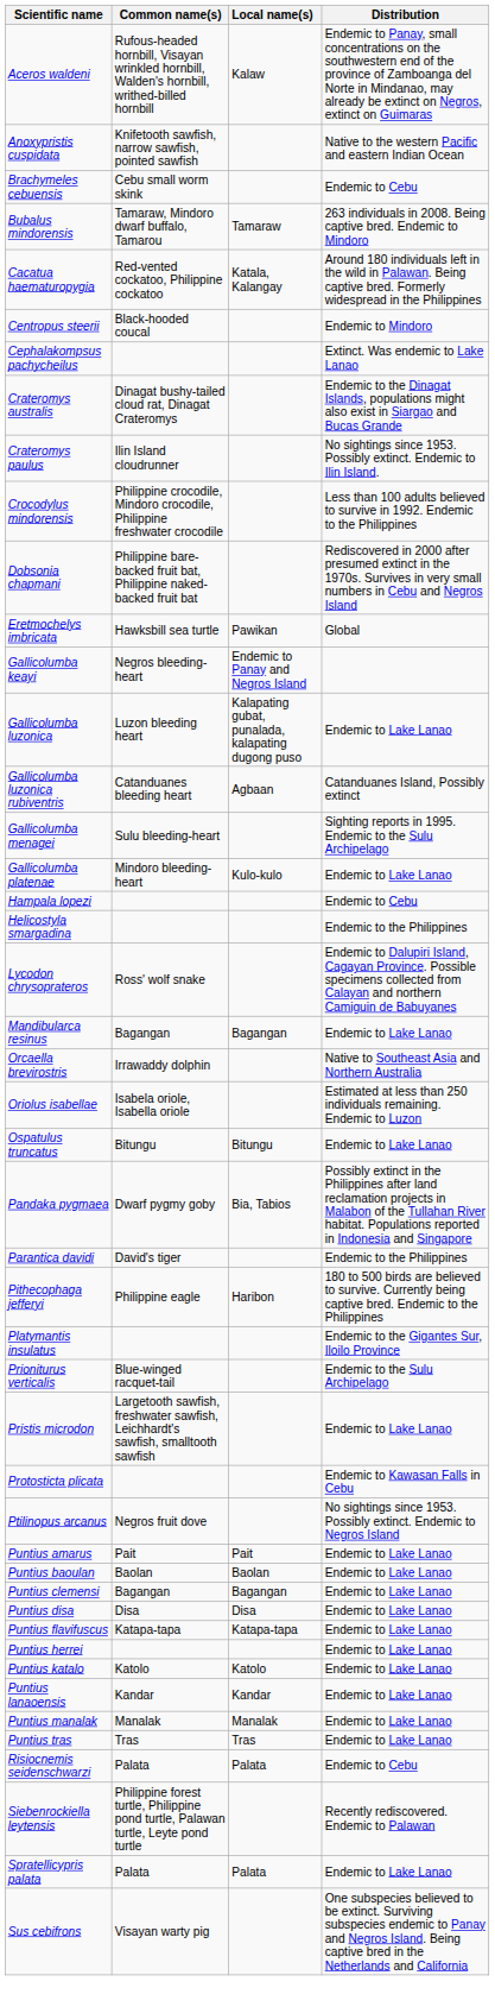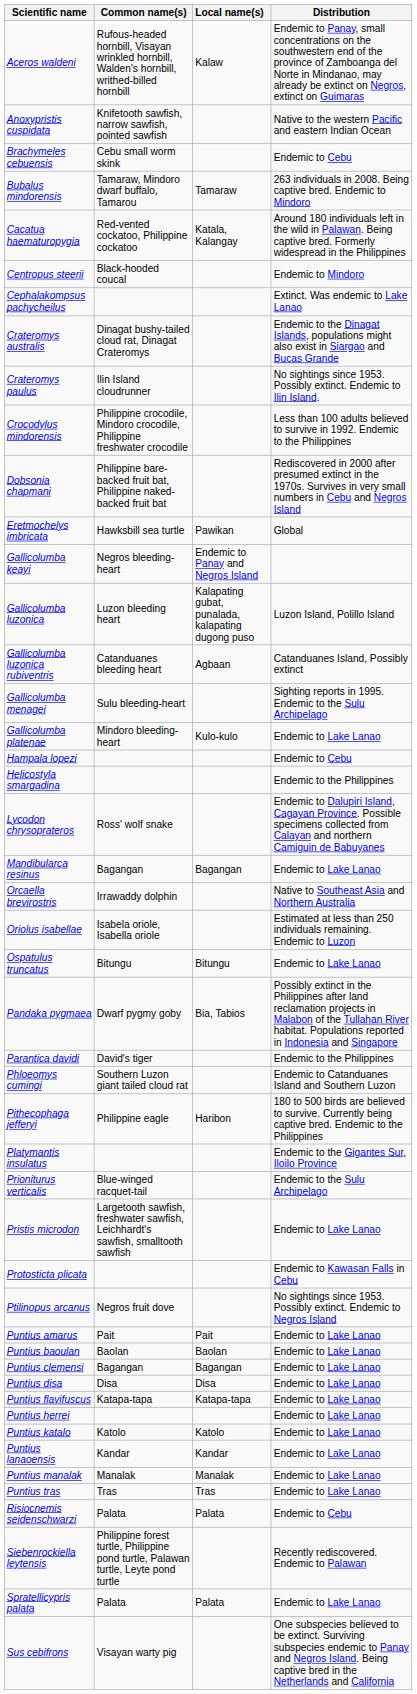 <table class="wikitable sortable" style="font-size: 95%; text-align: left">
 <tr>
 <th>Scientific name</th>
 <th style="Common name">Common name(s)</th>
 <th style="text-align: left;" width="110">Local name(s)</th>
 <th style="Distibution">Distribution</th>
 </tr>
 <tr>
 <td><em><a href='#'>Aceros waldeni</a></em></td>
 <td>Rufous-headed hornbill, Visayan wrinkled hornbill, Walden's hornbill, writhed-billed hornbill</td>
 <td>Kalaw</td>
 <td>Endemic to <a href='#'>Panay</a>, small concentrations on the southwestern end of the province of Zamboanga del Norte in Mindanao, may already be extinct on <a href='#'>Negros</a>, extinct on <a href='#'>Guimaras</a></td>
 </tr>
 <tr>
 <td><em><a href='#'>Anoxypristis cuspidata</a></em></td>
 <td>Knifetooth sawfish, narrow sawfish, pointed sawfish</td>
 <td></td>
 <td>Native to the western <a href='#'>Pacific</a> and eastern Indian Ocean</td>
 </tr>
 <tr>
 <td><em><a href='#'>Brachymeles cebuensis</a></em></td>
 <td>Cebu small worm skink</td>
 <td></td>
 <td>Endemic to <a href='#'>Cebu</a></td>
 </tr>
 <tr>
 <td><em><a href='#'>Bubalus mindorensis</a></em></td>
 <td>Tamaraw, Mindoro dwarf buffalo, Tamarou</td>
 <td>Tamaraw</td>
 <td>263 individuals in 2008. Being captive bred. Endemic to <a href='#'>Mindoro</a></td>
 </tr>
 <tr>
 <td><em><a href='#'>Cacatua haematuropygia</a></em></td>
 <td>Red-vented cockatoo, Philippine cockatoo</td>
 <td>Katala, Kalangay</td>
 <td>Around 180 individuals left in the wild in <a href='#'>Palawan</a>. Being captive bred. Formerly widespread in the Philippines</td>
 </tr>
 <tr>
 <td><em><a href='#'>Centropus steerii</a></em></td>
 <td>Black-hooded coucal</td>
 <td></td>
 <td>Endemic to <a href='#'>Mindoro</a></td>
 </tr>
 <tr>
 <td><em><a href='#'>Cephalakompsus pachycheilus</a></em></td>
 <td></td>
 <td></td>
 <td>Extinct. Was endemic to <a href='#'>Lake Lanao</a></td>
 </tr>
 <tr>
 <td><em><a href='#'>Crateromys australis</a></em></td>
 <td>Dinagat bushy-tailed cloud rat, Dinagat Crateromys</td>
 <td></td>
 <td>Endemic to the <a href='#'>Dinagat Islands</a>, populations might also exist in <a href='#'>Siargao</a> and <a href='#'>Bucas Grande</a></td>
 </tr>
 <tr>
 <td><em><a href='#'>Crateromys paulus</a></em></td>
 <td>Ilin Island cloudrunner</td>
 <td></td>
 <td>No sightings since 1953. Possibly extinct. Endemic to <a href='#'>Ilin Island</a>.</td>
 </tr>
 <tr>
 <td><em><a href='#'>Crocodylus mindorensis</a></em></td>
 <td>Philippine crocodile, Mindoro crocodile, Philippine freshwater crocodile</td>
 <td></td>
 <td>Less than 100 adults believed to survive in 1992. Endemic to the Philippines</td>
 </tr>
 <tr>
 <td><em><a href='#'>Dobsonia chapmani</a></em></td>
 <td>Philippine bare-backed fruit bat, Philippine naked-backed fruit bat</td>
 <td></td>
 <td>Rediscovered in 2000 after presumed extinct in the 1970s. Survives in very small numbers in <a href='#'>Cebu</a> and <a href='#'>Negros Island</a></td>
 </tr>
 <tr>
 <td><em><a href='#'>Eretmochelys imbricata</a></em></td>
 <td>Hawksbill sea turtle</td>
 <td>Pawikan</td>
 <td>Global</td>
 </tr>
 <tr>
 <td><em><a href='#'>Gallicolumba keayi</a></em></td>
 <td>Negros bleeding-heart</td>
 <td>Endemic to <a href='#'>Panay</a> and <a href='#'>Negros Island</a></td>
 </tr>
 <tr>
 <td><em><a href='#'>Gallicolumba luzonica</a></em></td>
 <td>Luzon bleeding heart</td>
 <td>Kalapating gubat, punalada, kalapating dugong puso</td>
-<td>Endemic to <a href='#'>Lake Lanao</a></td>
+<td>Luzon Island, Polillo Island</td>
 </tr>
 <tr>
 <td><em><a href='#'>Gallicolumba luzonica rubiventris</a></em></td>
 <td>Catanduanes bleeding heart</td>
 <td>Agbaan</td>
 <td>Catanduanes Island, Possibly extinct</td>
 </tr>
 <tr>
 <td><em><a href='#'>Gallicolumba menagei</a></em></td>
 <td>Sulu bleeding-heart</td>
 <td></td>
 <td>Sighting reports in 1995. Endemic to the <a href='#'>Sulu Archipelago</a></td>
 </tr>
 <tr>
 <td><em><a href='#'>Gallicolumba platenae</a></em></td>
 <td>Mindoro bleeding-heart</td>
 <td>Kulo-kulo</td>
 <td>Endemic to <a href='#'>Lake Lanao</a></td>
 </tr>
 <tr>
 <td><em><a href='#'>Hampala lopezi</a></em></td>
 <td></td>
 <td></td>
 <td>Endemic to <a href='#'>Cebu</a></td>
 </tr>
 <tr>
 <td><em><a href='#'>Helicostyla smargadina</a></em></td>
 <td></td>
 <td></td>
 <td>Endemic to the Philippines</td>
 </tr>
 <tr>
 <td><em><a href='#'>Lycodon chrysoprateros</a></em></td>
 <td>Ross' wolf snake</td>
 <td></td>
 <td>Endemic to <a href='#'>Dalupiri Island</a>, <a href='#'>Cagayan Province</a>. Possible specimens collected from <a href='#'>Calayan</a> and northern <a href='#'>Camiguin de Babuyanes</a></td>
 </tr>
 <tr>
 <td><em><a href='#'>Mandibularca resinus</a></em></td>
 <td>Bagangan</td>
 <td>Bagangan</td>
 <td>Endemic to <a href='#'>Lake Lanao</a></td>
 </tr>
 <tr>
 <td><em><a href='#'>Orcaella brevirostris</a></em></td>
 <td>Irrawaddy dolphin</td>
 <td></td>
 <td>Native to <a href='#'>Southeast Asia</a> and <a href='#'>Northern Australia</a></td>
 </tr>
 <tr>
 <td><em><a href='#'>Oriolus isabellae</a></em></td>
 <td>Isabela oriole, Isabella oriole</td>
 <td></td>
 <td>Estimated at less than 250 individuals remaining. Endemic to <a href='#'>Luzon</a></td>
 </tr>
 <tr>
 <td><em><a href='#'>Ospatulus truncatus</a></em></td>
 <td>Bitungu</td>
 <td>Bitungu</td>
 <td>Endemic to <a href='#'>Lake Lanao</a></td>
 </tr>
 <tr>
 <td><em><a href='#'>Pandaka pygmaea</a></em></td>
 <td>Dwarf pygmy goby</td>
 <td>Bia, Tabios</td>
 <td>Possibly extinct in the Philippines after land reclamation projects in <a href='#'>Malabon</a> of the <a href='#'>Tullahan River</a> habitat. Populations reported in <a href='#'>Indonesia</a> and <a href='#'>Singapore</a></td>
 </tr>
 <tr>
 <td><em><a href='#'>Parantica davidi</a></em></td>
 <td>David's tiger</td>
 <td></td>
 <td>Endemic to the Philippines</td>
+</tr>
+<tr>
+<td><em><a href='#'>Phloeomys cumingi</a></em></td>
+<td>Southern Luzon giant tailed cloud rat</td>
+<td></td>
+<td>Endemic to Catanduanes Island and Southern Luzon</td>
 </tr>
 <tr>
 <td><em><a href='#'>Pithecophaga jefferyi</a></em></td>
 <td>Philippine eagle</td>
 <td>Haribon</td>
 <td>180 to 500 birds are believed to survive. Currently being captive bred. Endemic to the Philippines</td>
 </tr>
 <tr>
 <td><em><a href='#'>Platymantis insulatus</a></em></td>
 <td></td>
 <td></td>
 <td>Endemic to the <a href='#'>Gigantes Sur</a>, <a href='#'>Iloilo Province</a></td>
 </tr>
 <tr>
 <td><em><a href='#'>Prioniturus verticalis</a></em></td>
 <td>Blue-winged racquet-tail</td>
 <td></td>
 <td>Endemic to the <a href='#'>Sulu Archipelago</a></td>
 </tr>
 <tr>
 <td><em><a href='#'>Pristis microdon</a></em></td>
 <td>Largetooth sawfish, freshwater sawfish, Leichhardt's sawfish, smalltooth sawfish</td>
 <td></td>
 <td>Endemic to <a href='#'>Lake Lanao</a></td>
 </tr>
 <tr>
 <td><em><a href='#'>Protosticta plicata</a></em></td>
 <td></td>
 <td></td>
 <td>Endemic to <a href='#'>Kawasan Falls</a> in <a href='#'>Cebu</a></td>
 </tr>
 <tr>
 <td><em><a href='#'>Ptilinopus arcanus</a></em></td>
 <td>Negros fruit dove</td>
 <td></td>
 <td>No sightings since 1953. Possibly extinct. Endemic to <a href='#'>Negros Island</a></td>
 </tr>
 <tr>
 <td><em><a href='#'>Puntius amarus</a></em></td>
 <td>Pait</td>
 <td>Pait</td>
 <td>Endemic to <a href='#'>Lake Lanao</a></td>
 </tr>
 <tr>
 <td><em><a href='#'>Puntius baoulan</a></em></td>
 <td>Baolan</td>
 <td>Baolan</td>
 <td>Endemic to <a href='#'>Lake Lanao</a></td>
 </tr>
 <tr>
 <td><em><a href='#'>Puntius clemensi</a></em></td>
 <td>Bagangan</td>
 <td>Bagangan</td>
 <td>Endemic to <a href='#'>Lake Lanao</a></td>
 </tr>
 <tr>
 <td><em><a href='#'>Puntius disa</a></em></td>
 <td>Disa</td>
 <td>Disa</td>
 <td>Endemic to <a href='#'>Lake Lanao</a></td>
 </tr>
 <tr>
 <td><em><a href='#'>Puntius flavifuscus</a></em></td>
 <td>Katapa-tapa</td>
 <td>Katapa-tapa</td>
 <td>Endemic to <a href='#'>Lake Lanao</a></td>
 </tr>
 <tr>
 <td><em><a href='#'>Puntius herrei</a></em></td>
 <td></td>
 <td></td>
 <td>Endemic to <a href='#'>Lake Lanao</a></td>
 </tr>
 <tr>
 <td><em><a href='#'>Puntius katalo</a></em></td>
 <td>Katolo</td>
 <td>Katolo</td>
 <td>Endemic to <a href='#'>Lake Lanao</a></td>
 </tr>
 <tr>
 <td><em><a href='#'>Puntius lanaoensis</a></em></td>
 <td>Kandar</td>
 <td>Kandar</td>
 <td>Endemic to <a href='#'>Lake Lanao</a></td>
 </tr>
 <tr>
 <td><em><a href='#'>Puntius manalak</a></em></td>
 <td>Manalak</td>
 <td>Manalak</td>
 <td>Endemic to <a href='#'>Lake Lanao</a></td>
 </tr>
 <tr>
 <td><em><a href='#'>Puntius tras</a></em></td>
 <td>Tras</td>
 <td>Tras</td>
 <td>Endemic to <a href='#'>Lake Lanao</a></td>
 </tr>
 <tr>
 <td><em><a href='#'>Risiocnemis seidenschwarzi</a></em></td>
 <td>Palata</td>
 <td>Palata</td>
 <td>Endemic to <a href='#'>Cebu</a></td>
 </tr>
 <tr>
 <td><em><a href='#'>Siebenrockiella leytensis</a></em></td>
 <td>Philippine forest turtle, Philippine pond turtle, Palawan turtle, Leyte pond turtle</td>
 <td></td>
 <td>Recently rediscovered. Endemic to <a href='#'>Palawan</a></td>
 </tr>
 <tr>
 <td><em><a href='#'>Spratellicypris palata</a></em></td>
 <td>Palata</td>
 <td>Palata</td>
 <td>Endemic to <a href='#'>Lake Lanao</a></td>
 </tr>
 <tr>
 <td><em><a href='#'>Sus cebifrons</a></em></td>
 <td>Visayan warty pig</td>
 <td></td>
 <td>One subspecies believed to be extinct. Surviving subspecies endemic to <a href='#'>Panay</a> and <a href='#'>Negros Island</a>. Being captive bred in the <a href='#'>Netherlands</a> and <a href='#'>California</a></td>
 </tr>
 </table>
